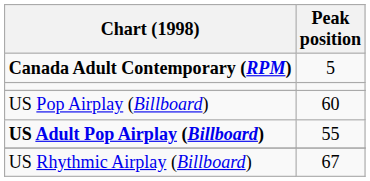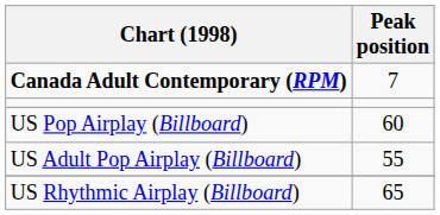 <table class="wikitable sortable">
 <tr>
 <th align="left">Chart (1998)</th>
 <th style="text-align:center;">Peak<br>position</th>
 </tr>
 <tr>
 <td align="left"><strong>Canada Adult Contemporary (<em><a href='#'>RPM</a></em>)</strong></td>
-<td style="text-align:center;">5</td>
+<td style="text-align:center;">7</td>
 </tr>
 <tr>
 <td></td>
 </tr>
 <tr>
 </tr>
 <tr>
 <td scope="row">US <a href='#'>Pop Airplay</a> (<em><a href='#'>Billboard</a></em>)</td>
 <td style="text-align:center;">60</td>
 </tr>
 <tr>
-<td scope="row"><strong>US <a href='#'>Adult Pop Airplay</a> (<em><a href='#'>Billboard</a></em>)</strong></td>
+<td scope="row">US <a href='#'>Adult Pop Airplay</a> (<em><a href='#'>Billboard</a></em>)</td>
 <td style="text-align:center;">55</td>
 </tr>
 <tr>
 </tr>
 <tr>
 <td scope="row">US <a href='#'>Rhythmic Airplay</a> (<em><a href='#'>Billboard</a></em>)</td>
-<td style="text-align:center;">67</td>
+<td style="text-align:center;">65</td>
 </tr>
 </table>
